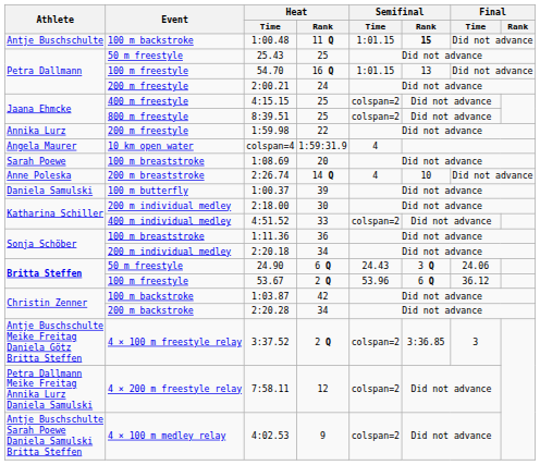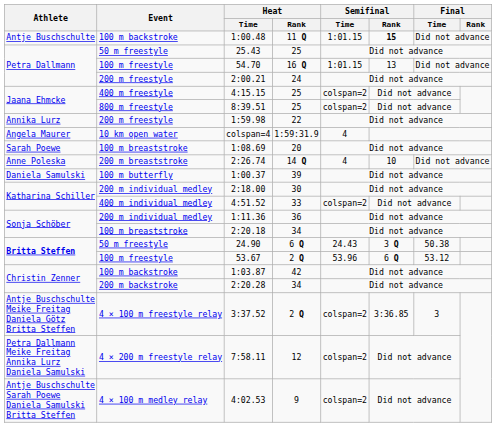 <table class=wikitable style="font-size:90%">
 <tr>
 <th rowspan="2">Athlete</th>
 <th rowspan="2">Event</th>
 <th colspan="2">Heat</th>
 <th colspan="2">Semifinal</th>
 <th colspan="2">Final</th>
 </tr>
 <tr style="font-size:95%">
 <th>Time</th>
 <th>Rank</th>
 <th>Time</th>
 <th>Rank</th>
 <th>Time</th>
 <th>Rank</th>
 </tr>
 <tr align=center>
 <td align=left><a href='#'>Antje Buschschulte</a></td>
 <td align=left><a href='#'>100 m backstroke</a></td>
 <td>1:00.48</td>
 <td>11 <strong>Q</strong></td>
 <td>1:01.15</td>
 <td><strong>15</strong></td>
 <td colspan=2>Did not advance</td>
 </tr>
 <tr align=center>
 <td align=left rowspan=3><a href='#'>Petra Dallmann</a></td>
 <td align=left><a href='#'>50 m freestyle</a></td>
 <td>25.43</td>
 <td>25</td>
 <td colspan=4>Did not advance</td>
 </tr>
 <tr align=center>
 <td align=left><a href='#'>100 m freestyle</a></td>
 <td>54.70</td>
 <td>16 <strong>Q</strong></td>
 <td>1:01.15</td>
 <td>13</td>
 <td colspan=2>Did not advance</td>
 </tr>
 <tr align=center>
 <td align=left><a href='#'>200 m freestyle</a></td>
 <td>2:00.21</td>
 <td>24</td>
 <td colspan=4>Did not advance</td>
 </tr>
 <tr align=center>
 <td align=left rowspan=2><a href='#'>Jaana Ehmcke</a></td>
 <td align=left><a href='#'>400 m freestyle</a></td>
 <td>4:15.15</td>
 <td>25</td>
 <td>colspan=2 </td>
 <td colspan=2>Did not advance</td>
 </tr>
 <tr align=center>
 <td align=left><a href='#'>800 m freestyle</a></td>
 <td>8:39.51</td>
 <td>25</td>
 <td>colspan=2 </td>
 <td colspan=2>Did not advance</td>
 </tr>
 <tr align=center>
 <td align=left><a href='#'>Annika Lurz</a></td>
 <td align=left><a href='#'>200 m freestyle</a></td>
 <td>1:59.98</td>
 <td>22</td>
 <td colspan=4>Did not advance</td>
 </tr>
 <tr align=center>
 <td align=left><a href='#'>Angela Maurer</a></td>
 <td align=left><a href='#'>10 km open water</a></td>
 <td>colspan=4 </td>
 <td>1:59:31.9</td>
 <td>4</td>
 </tr>
 <tr align=center>
 <td align=left><a href='#'>Sarah Poewe</a></td>
 <td align=left><a href='#'>100 m breaststroke</a></td>
 <td>1:08.69</td>
 <td>20</td>
 <td colspan=4>Did not advance</td>
 </tr>
 <tr align=center>
 <td align=left><a href='#'>Anne Poleska</a></td>
 <td align=left><a href='#'>200 m breaststroke</a></td>
 <td>2:26.74</td>
 <td>14 <strong>Q</strong></td>
 <td>4</td>
 <td>10</td>
 <td colspan=2>Did not advance</td>
 </tr>
 <tr align=center>
 <td align=left><a href='#'>Daniela Samulski</a></td>
 <td align=left><a href='#'>100 m butterfly</a></td>
 <td>1:00.37</td>
 <td>39</td>
 <td colspan=4>Did not advance</td>
 </tr>
 <tr align=center>
 <td align=left rowspan=2><a href='#'>Katharina Schiller</a></td>
 <td align=left><a href='#'>200 m individual medley</a></td>
 <td>2:18.00</td>
 <td>30</td>
 <td colspan=4>Did not advance</td>
 </tr>
 <tr align=center>
 <td align=left><a href='#'>400 m individual medley</a></td>
 <td>4:51.52</td>
 <td>33</td>
 <td>colspan=2 </td>
 <td colspan=2>Did not advance</td>
 </tr>
 <tr align=center>
 <td align=left rowspan=2><a href='#'>Sonja Schöber</a></td>
-<td align=left><a href='#'>100 m breaststroke</a></td>
+<td align=left><a href='#'>200 m individual medley</a></td>
 <td>1:11.36</td>
 <td>36</td>
 <td colspan=4>Did not advance</td>
 </tr>
 <tr align=center>
-<td align=left><a href='#'>200 m individual medley</a></td>
+<td align=left><a href='#'>100 m breaststroke</a></td>
 <td>2:20.18</td>
 <td>34</td>
 <td colspan=4>Did not advance</td>
 </tr>
 <tr align=center>
 <td align=left rowspan=2><strong><a href='#'>Britta Steffen</a></strong></td>
 <td align=left><a href='#'>50 m freestyle</a></td>
 <td>24.90</td>
 <td>6 <strong>Q</strong></td>
 <td>24.43</td>
 <td>3 <strong>Q</strong></td>
-<td>24.06 </td>
+<td>50.38 </td>
 <td></td>
 </tr>
 <tr align=center>
 <td align=left><a href='#'>100 m freestyle</a></td>
 <td>53.67</td>
 <td>2 <strong>Q</strong></td>
 <td>53.96</td>
 <td>6 <strong>Q</strong></td>
-<td>36.12 </td>
+<td>53.12 </td>
 <td></td>
 </tr>
 <tr align=center>
 <td align=left rowspan=2><a href='#'>Christin Zenner</a></td>
 <td align=left><a href='#'>100 m backstroke</a></td>
 <td>1:03.87</td>
 <td>42</td>
 <td colspan=4>Did not advance</td>
 </tr>
 <tr align=center>
 <td align=left><a href='#'>200 m backstroke</a></td>
 <td>2:20.28</td>
 <td>34</td>
 <td colspan=4>Did not advance</td>
 </tr>
 <tr align=center>
 <td align=left><a href='#'>Antje Buschschulte</a><br><a href='#'>Meike Freitag</a><br><a href='#'>Daniela Götz</a><br><a href='#'>Britta Steffen</a></td>
 <td align=left><a href='#'>4 × 100 m freestyle relay</a></td>
 <td>3:37.52</td>
 <td>2 <strong>Q</strong></td>
 <td>colspan=2 </td>
 <td>3:36.85</td>
 <td>3</td>
 </tr>
 <tr align=center>
 <td align=left><a href='#'>Petra Dallmann</a><br><a href='#'>Meike Freitag</a><br><a href='#'>Annika Lurz</a><br><a href='#'>Daniela Samulski</a></td>
 <td align=left><a href='#'>4 × 200 m freestyle relay</a></td>
 <td>7:58.11</td>
 <td>12</td>
 <td>colspan=2 </td>
 <td colspan=2>Did not advance</td>
 </tr>
 <tr align=center>
 <td align=left><a href='#'>Antje Buschschulte</a><br><a href='#'>Sarah Poewe</a><br><a href='#'>Daniela Samulski</a><br><a href='#'>Britta Steffen</a></td>
 <td align=left><a href='#'>4 × 100 m medley relay</a></td>
 <td>4:02.53</td>
 <td>9</td>
 <td>colspan=2 </td>
 <td colspan=2>Did not advance</td>
 </tr>
 </table>
